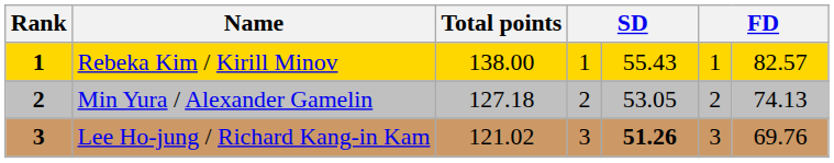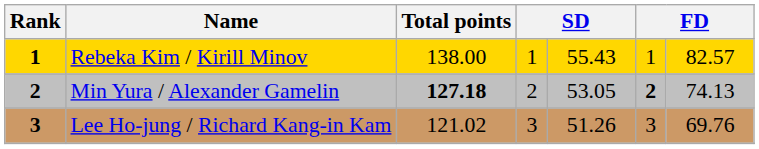 <table class="wikitable sortable">
 <tr>
 <th>Rank</th>
 <th>Name</th>
 <th>Total points</th>
 <th colspan="2" width="80px"><a href='#'>SD</a></th>
 <th colspan="2" width="80px"><a href='#'>FD</a></th>
 </tr>
 <tr bgcolor="gold">
 <td align="center"><strong>1</strong></td>
 <td><a href='#'>Rebeka Kim</a> / <a href='#'>Kirill Minov</a></td>
 <td align="center">138.00</td>
 <td align="center">1</td>
 <td align="center">55.43</td>
 <td align="center">1</td>
 <td align="center">82.57</td>
 </tr>
 <tr bgcolor="silver">
 <td align="center"><strong>2</strong></td>
 <td><a href='#'>Min Yura</a> / <a href='#'>Alexander Gamelin</a></td>
-<td align="center">127.18</td>
+<td align="center"><strong>127.18</strong></td>
 <td align="center">2</td>
 <td align="center">53.05</td>
-<td align="center">2</td>
+<td align="center"><strong>2</strong></td>
 <td align="center">74.13</td>
 </tr>
 <tr bgcolor="cc9966">
 <td align="center"><strong>3</strong></td>
 <td><a href='#'>Lee Ho-jung</a> / <a href='#'>Richard Kang-in Kam</a></td>
 <td align="center">121.02</td>
 <td align="center">3</td>
-<td align="center"><strong>51.26</strong></td>
+<td align="center">51.26</td>
 <td align="center">3</td>
 <td align="center">69.76</td>
 </tr>
 <tr>
 </tr>
 </table>
